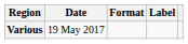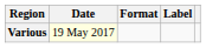 <table class="wikitable plainrowheaders">
 <tr>
 <th scope="row">Region</th>
 <th scope="row">Date</th>
 <th scope="row">Format</th>
 <th scope="row">Label</th>
 <th scope="row"></th>
 </tr>
 <tr>
 <th scope="row">Various</th>
-<td>19 May 2017</td>
+<td style="background: lightyellow;">19 May 2017</td>
 <td rowspan="2"></td>
 <td></td>
 <td></td>
 </tr>
 </table>
